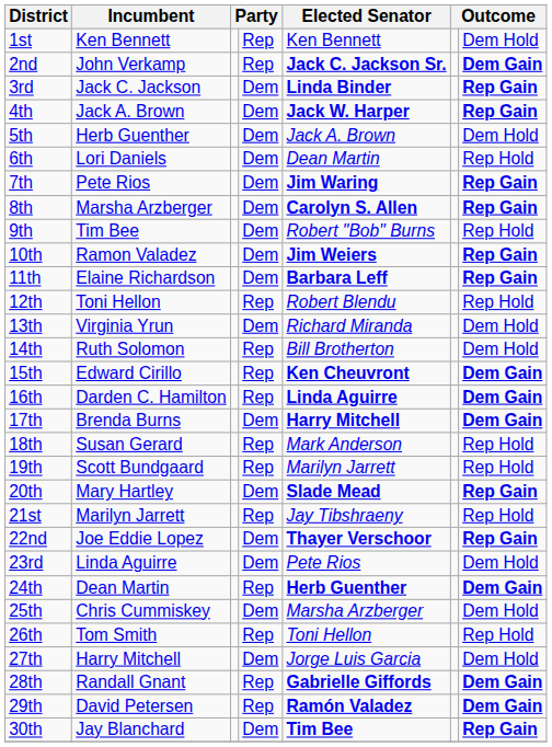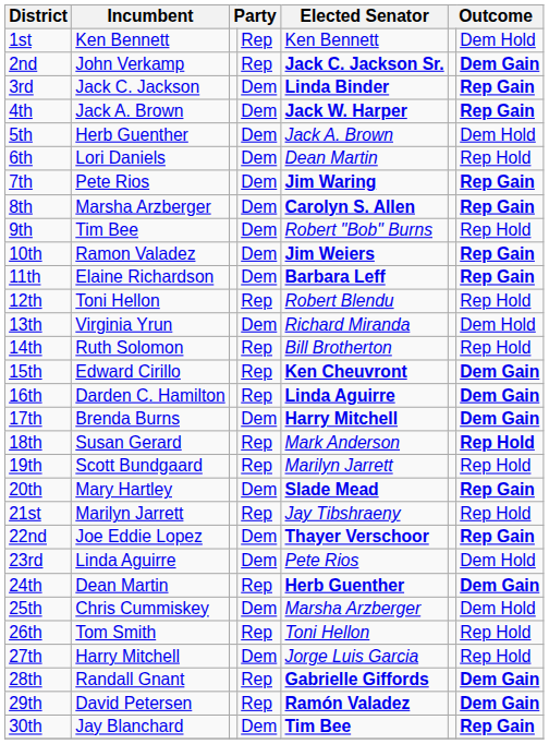 <table class="sortable wikitable" style="font-size:95%;line-height:14px;">
 <tr>
 <th>District</th>
 <th>Incumbent</th>
 <th colspan="2">Party</th>
 <th>Elected Senator</th>
 <th colspan="2">Outcome</th>
 </tr>
 <tr>
 <td><a href='#'>1st</a></td>
 <td><a href='#'>Ken Bennett</a></td>
 <td style="background:"></td>
 <td><a href='#'>Rep</a></td>
 <td><a href='#'>Ken Bennett</a></td>
 <td style="background:"></td>
 <td><a href='#'>Dem Hold</a></td>
 </tr>
 <tr>
 <td><a href='#'>2nd</a></td>
 <td><a href='#'>John Verkamp</a></td>
 <td style="background:"></td>
 <td><a href='#'>Rep</a></td>
 <td><strong><a href='#'>Jack C. Jackson Sr.</a></strong></td>
 <td style="background:"></td>
 <td><strong><a href='#'>Dem Gain</a></strong></td>
 </tr>
 <tr>
 <td><a href='#'>3rd</a></td>
 <td><a href='#'>Jack C. Jackson</a></td>
 <td style="background:"></td>
 <td><a href='#'>Dem</a></td>
 <td><strong><a href='#'>Linda Binder</a></strong></td>
 <td style="background:"></td>
 <td><strong><a href='#'>Rep Gain</a></strong></td>
 </tr>
 <tr>
 <td><a href='#'>4th</a></td>
 <td><a href='#'>Jack A. Brown</a></td>
 <td style="background:"></td>
 <td><a href='#'>Dem</a></td>
 <td><strong><a href='#'>Jack W. Harper</a></strong></td>
 <td style="background:"></td>
 <td><strong><a href='#'>Rep Gain</a></strong></td>
 </tr>
 <tr>
 <td><a href='#'>5th</a></td>
 <td><a href='#'>Herb Guenther</a></td>
 <td style="background:"></td>
 <td><a href='#'>Dem</a></td>
 <td><em><a href='#'>Jack A. Brown</a></em></td>
 <td style="background:"></td>
 <td><a href='#'>Dem Hold</a></td>
 </tr>
 <tr>
 <td><a href='#'>6th</a></td>
 <td><a href='#'>Lori Daniels</a></td>
 <td style="background:"></td>
 <td><a href='#'>Dem</a></td>
 <td><em><a href='#'>Dean Martin</a></em></td>
 <td style="background:"></td>
 <td><a href='#'>Rep Hold</a></td>
 </tr>
 <tr>
 <td><a href='#'>7th</a></td>
 <td><a href='#'>Pete Rios</a></td>
 <td style="background:"></td>
 <td><a href='#'>Dem</a></td>
 <td><strong><a href='#'>Jim Waring</a></strong></td>
 <td style="background:"></td>
 <td><strong><a href='#'>Rep Gain</a></strong></td>
 </tr>
 <tr>
 <td><a href='#'>8th</a></td>
 <td><a href='#'>Marsha Arzberger</a></td>
 <td style="background:"></td>
 <td><a href='#'>Dem</a></td>
 <td><strong><a href='#'>Carolyn S. Allen</a></strong></td>
 <td style="background:"></td>
 <td><strong><a href='#'>Rep Gain</a></strong></td>
 </tr>
 <tr>
 <td><a href='#'>9th</a></td>
 <td><a href='#'>Tim Bee</a></td>
 <td style="background:"></td>
 <td><a href='#'>Dem</a></td>
 <td><em><a href='#'>Robert "Bob" Burns</a></em></td>
 <td style="background:"></td>
 <td><a href='#'>Rep Hold</a></td>
 </tr>
 <tr>
 <td><a href='#'>10th</a></td>
 <td><a href='#'>Ramon Valadez</a></td>
 <td style="background:"></td>
 <td><a href='#'>Dem</a></td>
 <td><strong><a href='#'>Jim Weiers</a></strong></td>
 <td style="background:"></td>
 <td><strong><a href='#'>Rep Gain</a></strong></td>
 </tr>
 <tr>
 <td><a href='#'>11th</a></td>
 <td><a href='#'>Elaine Richardson</a></td>
 <td style="background:"></td>
 <td><a href='#'>Dem</a></td>
 <td><strong><a href='#'>Barbara Leff</a></strong></td>
 <td style="background:"></td>
 <td><strong><a href='#'>Rep Gain</a></strong></td>
 </tr>
 <tr>
 <td><a href='#'>12th</a></td>
 <td><a href='#'>Toni Hellon</a></td>
 <td style="background:"></td>
 <td><a href='#'>Rep</a></td>
 <td><em><a href='#'>Robert Blendu</a></em></td>
 <td style="background:"></td>
 <td><a href='#'>Rep Hold</a></td>
 </tr>
 <tr>
 <td><a href='#'>13th</a></td>
 <td><a href='#'>Virginia Yrun</a></td>
 <td style="background:"></td>
 <td><a href='#'>Dem</a></td>
 <td><em><a href='#'>Richard Miranda</a></em></td>
 <td style="background:"></td>
 <td><a href='#'>Dem Hold</a></td>
 </tr>
 <tr>
 <td><a href='#'>14th</a></td>
 <td><a href='#'>Ruth Solomon</a></td>
 <td style="background:"></td>
 <td><a href='#'>Rep</a></td>
 <td><em><a href='#'>Bill Brotherton</a></em></td>
 <td style="background:"></td>
-<td><a href='#'>Dem Hold</a></td>
+<td><a href='#'>Rep Hold</a></td>
 </tr>
 <tr>
 <td><a href='#'>15th</a></td>
 <td><a href='#'>Edward Cirillo</a></td>
 <td style="background:"></td>
 <td><a href='#'>Rep</a></td>
 <td><strong><a href='#'>Ken Cheuvront</a></strong></td>
 <td style="background:"></td>
 <td><strong><a href='#'>Dem Gain</a></strong></td>
 </tr>
 <tr>
 <td><a href='#'>16th</a></td>
 <td><a href='#'>Darden C. Hamilton</a></td>
 <td style="background:"></td>
 <td><a href='#'>Rep</a></td>
 <td><strong><a href='#'>Linda Aguirre</a></strong></td>
 <td style="background:"></td>
 <td><strong><a href='#'>Dem Gain</a></strong></td>
 </tr>
 <tr>
 <td><a href='#'>17th</a></td>
 <td><a href='#'>Brenda Burns</a></td>
 <td style="background:"></td>
 <td><a href='#'>Dem</a></td>
 <td><strong><a href='#'>Harry Mitchell</a></strong></td>
 <td style="background:"></td>
 <td><strong><a href='#'>Dem Gain</a></strong></td>
 </tr>
 <tr>
 <td><a href='#'>18th</a></td>
 <td><a href='#'>Susan Gerard</a></td>
 <td style="background:"></td>
 <td><a href='#'>Rep</a></td>
 <td><em><a href='#'>Mark Anderson</a></em></td>
 <td style="background:"></td>
-<td><a href='#'>Rep Hold</a></td>
+<td><strong><a href='#'>Rep Hold</a></strong></td>
 </tr>
 <tr>
 <td><a href='#'>19th</a></td>
 <td><a href='#'>Scott Bundgaard</a></td>
 <td style="background:"></td>
 <td><a href='#'>Rep</a></td>
 <td><em><a href='#'>Marilyn Jarrett</a></em></td>
 <td style="background:"></td>
 <td><a href='#'>Rep Hold</a></td>
 </tr>
 <tr>
 <td><a href='#'>20th</a></td>
 <td><a href='#'>Mary Hartley</a></td>
 <td style="background:"></td>
 <td><a href='#'>Dem</a></td>
 <td><strong><a href='#'>Slade Mead</a></strong></td>
 <td style="background:"></td>
 <td><strong><a href='#'>Rep Gain</a></strong></td>
 </tr>
 <tr>
 <td><a href='#'>21st</a></td>
 <td><a href='#'>Marilyn Jarrett</a></td>
 <td style="background:"></td>
 <td><a href='#'>Rep</a></td>
 <td><em><a href='#'>Jay Tibshraeny</a></em></td>
 <td style="background:"></td>
 <td><a href='#'>Rep Hold</a></td>
 </tr>
 <tr>
 <td><a href='#'>22nd</a></td>
 <td><a href='#'>Joe Eddie Lopez</a></td>
 <td style="background:"></td>
 <td><a href='#'>Dem</a></td>
 <td><strong><a href='#'>Thayer Verschoor</a></strong></td>
 <td style="background:"></td>
 <td><strong><a href='#'>Rep Gain</a></strong></td>
 </tr>
 <tr>
 <td><a href='#'>23rd</a></td>
 <td><a href='#'>Linda Aguirre</a></td>
 <td style="background:"></td>
 <td><a href='#'>Dem</a></td>
 <td><em><a href='#'>Pete Rios</a></em></td>
 <td style="background:"></td>
 <td><a href='#'>Dem Hold</a></td>
 </tr>
 <tr>
 <td><a href='#'>24th</a></td>
 <td><a href='#'>Dean Martin</a></td>
 <td style="background:"></td>
 <td><a href='#'>Rep</a></td>
 <td><strong><a href='#'>Herb Guenther</a></strong></td>
 <td style="background:"></td>
 <td><strong><a href='#'>Dem Gain</a></strong></td>
 </tr>
 <tr>
 <td><a href='#'>25th</a></td>
 <td><a href='#'>Chris Cummiskey</a></td>
 <td style="background:"></td>
 <td><a href='#'>Dem</a></td>
 <td><em><a href='#'>Marsha Arzberger</a></em></td>
 <td style="background:"></td>
 <td><a href='#'>Dem Hold</a></td>
 </tr>
 <tr>
 <td><a href='#'>26th</a></td>
 <td><a href='#'>Tom Smith</a></td>
 <td style="background:"></td>
 <td><a href='#'>Rep</a></td>
 <td><em><a href='#'>Toni Hellon</a></em></td>
 <td style="background:"></td>
 <td><a href='#'>Rep Hold</a></td>
 </tr>
 <tr>
 <td><a href='#'>27th</a></td>
 <td><a href='#'>Harry Mitchell</a></td>
 <td style="background:"></td>
 <td><a href='#'>Dem</a></td>
 <td><em><a href='#'>Jorge Luis Garcia</a></em></td>
 <td style="background:"></td>
-<td><a href='#'>Dem Hold</a></td>
+<td><a href='#'>Rep Hold</a></td>
 </tr>
 <tr>
 <td><a href='#'>28th</a></td>
 <td><a href='#'>Randall Gnant</a></td>
 <td style="background:"></td>
 <td><a href='#'>Rep</a></td>
 <td><strong><a href='#'>Gabrielle Giffords</a></strong></td>
 <td style="background:"></td>
 <td><strong><a href='#'>Dem Gain</a></strong></td>
 </tr>
 <tr>
 <td><a href='#'>29th</a></td>
 <td><a href='#'>David Petersen</a></td>
 <td style="background:"></td>
 <td><a href='#'>Rep</a></td>
 <td><strong><a href='#'>Ramón Valadez</a></strong></td>
 <td style="background:"></td>
 <td><strong><a href='#'>Dem Gain</a></strong></td>
 </tr>
 <tr>
 <td><a href='#'>30th</a></td>
 <td><a href='#'>Jay Blanchard</a></td>
 <td style="background:"></td>
 <td><a href='#'>Dem</a></td>
 <td><strong><a href='#'>Tim Bee</a></strong></td>
 <td style="background:"></td>
 <td><strong><a href='#'>Rep Gain</a></strong></td>
 </tr>
 <tr>
 </tr>
 </table>
